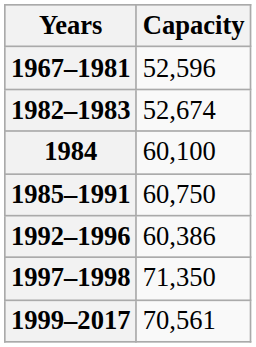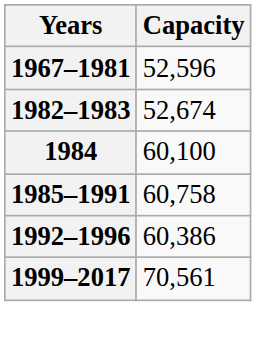 <table class="wikitable">
 <tr>
 <th scope="row">Years</th>
 <th scope="row">Capacity</th>
 </tr>
 <tr>
 <th scope="row">1967–1981</th>
 <td>52,596</td>
 </tr>
 <tr>
 <th scope="row">1982–1983</th>
 <td>52,674</td>
 </tr>
 <tr>
 <th scope="row">1984</th>
 <td>60,100</td>
 </tr>
 <tr>
 <th scope="row">1985–1991</th>
-<td>60,750</td>
+<td>60,758</td>
 </tr>
 <tr>
 <th scope="row">1992–1996</th>
 <td>60,386</td>
 </tr>
 <tr>
-<th scope="row">1997–1998</th>
-<td>71,350</td>
-</tr>
-<tr>
 <th scope="row">1999–2017</th>
 <td>70,561</td>
 </tr>
 </table>
